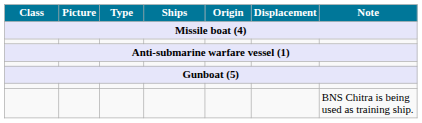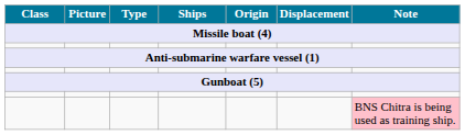 <table class="wikitable">
 <tr>
 <th style="color: white; background:#079; width:15%;">Class</th>
 <th style="color: white; background:#079; width:10%;">Picture</th>
 <th style="color: white; background:#079; width:12%;">Type</th>
 <th style="color: white; background:#079; width:17%;">Ships</th>
 <th style="color: white; background:#079; width:12%;">Origin</th>
 <th style="color: white; background:#079; width:6%;">Displacement</th>
 <th style="color: white; background:#079; width:28%;">Note</th>
 </tr>
 <tr>
 <th colspan="7" style="background: lavender;">Missile boat (4)</th>
 </tr>
 <tr>
 <td></td>
 <td></td>
 <td></td>
 <td></td>
 <td></td>
 <td></td>
 <td></td>
 </tr>
 <tr>
 <th colspan="7" style="background: lavender;">Anti-submarine warfare vessel (1)</th>
 </tr>
 <tr>
 <td></td>
 <td></td>
 <td></td>
 <td></td>
 <td></td>
 <td></td>
 <td></td>
 </tr>
 <tr>
 <th colspan="7" style="background: lavender;">Gunboat (5)</th>
 </tr>
 <tr>
 <td></td>
 <td></td>
 <td></td>
 <td></td>
 <td></td>
 <td></td>
 <td></td>
 </tr>
 <tr>
 <td></td>
 <td></td>
 <td></td>
 <td></td>
 <td></td>
 <td></td>
-<td>BNS Chitra is being used as training ship.</td>
+<td style="background: pink;">BNS Chitra is being used as training ship.</td>
 </tr>
 </table>
